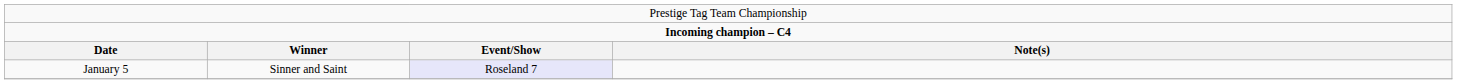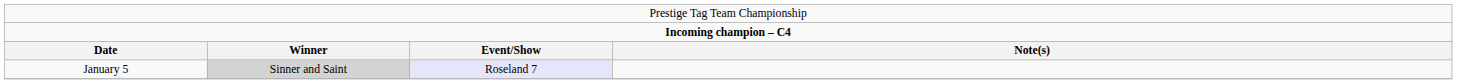 <table class="wikitable" style="text-align:center; width:100%;">
 <tr>
 <td colspan="4" style="text-align: center;">Prestige Tag Team Championship</td>
 </tr>
 <tr>
 <td colspan="4" style="text-align: center;"><strong>Incoming champion – C4 </strong></td>
 </tr>
 <tr>
 <th width=14%>Date</th>
 <th width=14%>Winner</th>
 <th width=14%>Event/Show</th>
 <th width=58%>Note(s)</th>
 </tr>
 <tr>
 <td>January 5</td>
-<td>Sinner and Saint<br></td>
+<td style="background: lightgrey;">Sinner and Saint<br></td>
 <td style="background: lavender;">Roseland 7</td>
 <td></td>
 </tr>
 <tr>
 </tr>
 </table>
